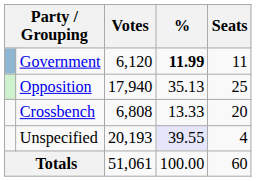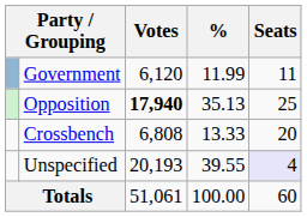 <table class="wikitable" style="text-align:right; margin-bottom:0">
 <tr>
 <th style="width:10px;" colspan=3>Party / Grouping</th>
 <th>Votes</th>
 <th>%</th>
 <th>Seats</th>
 </tr>
 <tr>
 <td style="text-align:left;background:#8EB5D1"> </td>
 <td style="text-align:left;" colspan="2"><a href='#'>Government</a></td>
 <td>6,120</td>
-<td><strong>11.99</strong></td>
+<td>11.99</td>
 <td>11</td>
 </tr>
 <tr>
 <td style="text-align:left;background:#CEF2CE"> </td>
 <td style="text-align:left;" colspan="2"><a href='#'>Opposition</a></td>
-<td>17,940</td>
+<td><strong>17,940</strong></td>
 <td>35.13</td>
 <td>25</td>
 </tr>
 <tr>
 <td> </td>
 <td style="text-align:left;" colspan="2"><a href='#'>Crossbench</a></td>
 <td>6,808</td>
 <td>13.33</td>
 <td>20</td>
 </tr>
 <tr>
 <td> </td>
 <td style="text-align:left;" colspan="2">Unspecified</td>
 <td>20,193</td>
-<td style="background: lavender;">39.55</td>
-<td>4</td>
+<td>39.55</td>
+<td style="background: lavender;">4</td>
 </tr>
 <tr>
 <th colspan="3"> Totals</th>
 <td>51,061</td>
 <td>100.00</td>
 <td>60</td>
 </tr>
 </table>
